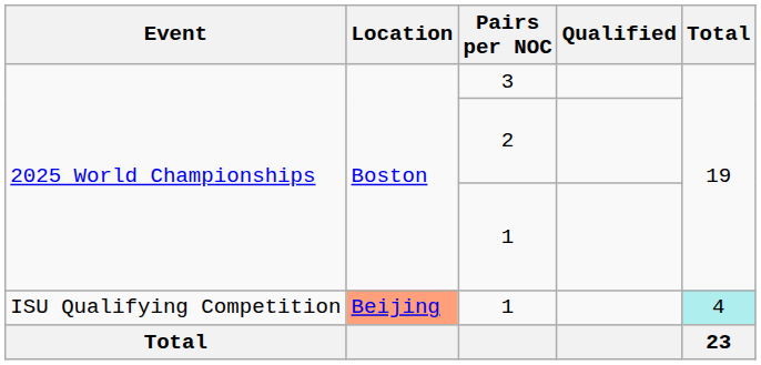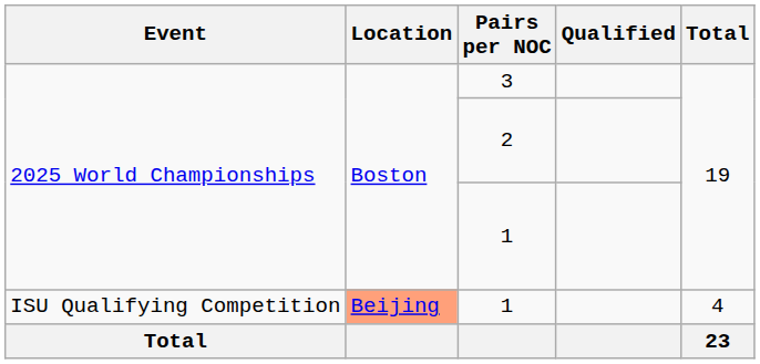 <table class="wikitable">
 <tr>
 <th>Event</th>
 <th>Location</th>
 <th>Pairs<br> per NOC</th>
 <th>Qualified</th>
 <th>Total</th>
 </tr>
 <tr>
 <td rowspan = 3><a href='#'>2025 World Championships</a></td>
 <td rowspan = 3> <a href='#'>Boston</a></td>
 <td align=center>3</td>
 <td><br></td>
 <td rowspan = 3 align=center>19</td>
 </tr>
 <tr>
 <td align=center>2</td>
 <td><br><br><br></td>
 </tr>
 <tr>
 <td align=center>1</td>
 <td><br><br><br><br></td>
 </tr>
 <tr>
 <td>ISU Qualifying Competition</td>
 <td style="background: lightsalmon;"> <a href='#'>Beijing</a></td>
 <td align=center>1</td>
 <td></td>
-<td align=center style="background: paleturquoise;">4</td>
+<td align=center>4</td>
 </tr>
 <tr>
 <th>Total</th>
 <th></th>
 <th></th>
 <th></th>
 <th>23</th>
 </tr>
 </table>
